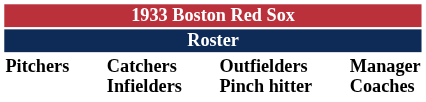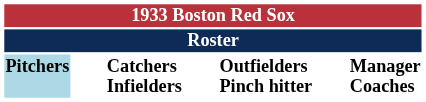 <table class="toccolours" style="text-align: left;">
 <tr>
 <th colspan="10" style="background-color: #ba313c; color: white; text-align: center;">1933 Boston Red Sox</th>
 </tr>
 <tr>
 <td colspan="10" style="background-color: #0d2b56; color: white; text-align: center;"><strong>Roster</strong></td>
 </tr>
 <tr>
-<td valign="top"><strong>Pitchers</strong><br>          </td>
+<td valign="top" style="background: lightblue;"><strong>Pitchers</strong><br>          </td>
 <td width="25px"></td>
 <td valign="top"><strong>Catchers</strong><br>    <strong>Infielders</strong>           </td>
 <td width="25px"></td>
 <td valign="top"><strong>Outfielders</strong><br>         <strong>Pinch hitter</strong>  </td>
 <td width="25px"></td>
 <td valign="top"><strong>Manager</strong><br> <strong>Coaches</strong>  </td>
 </tr>
 <tr>
 </tr>
 </table>
